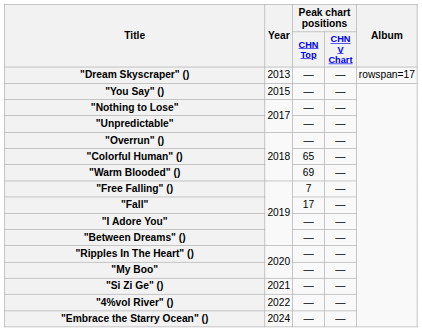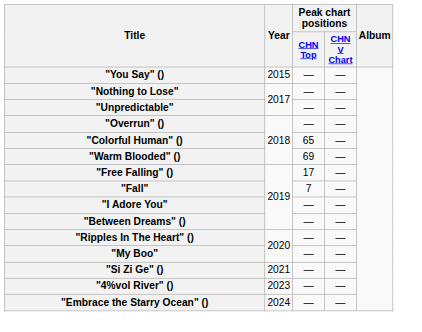 <table class="wikitable plainrowheaders" style="text-align:center;">
 <tr>
 <th rowspan="2" scope="col" style="width:25em;">Title</th>
 <th rowspan="2" scope="col">Year</th>
 <th colspan="2" scope="col">Peak chart positions</th>
 <th rowspan="2" scope="col">Album</th>
 </tr>
 <tr>
 <th scope="col" style="width:3em;font-size:90%;"><a href='#'>CHN Top</a><br></th>
 <th scope="col" style="width:3em;font-size:90%;"><a href='#'>CHN V Chart</a></th>
-</tr>
-<tr>
-<th scope="row">"Dream Skyscraper" ()</th>
-<td>2013</td>
-<td>—</td>
-<td>—</td>
-<td>rowspan=17 </td>
 </tr>
 <tr>
 <th scope="row">"You Say" ()</th>
 <td>2015</td>
 <td>—</td>
 <td>—</td>
 </tr>
 <tr>
 <th scope="row">"Nothing to Lose"</th>
 <td rowspan="2">2017</td>
 <td>—</td>
 <td>—</td>
 </tr>
 <tr>
 <th scope="row">"Unpredictable"</th>
 <td>—</td>
 <td>—</td>
 </tr>
 <tr>
 <th scope="row">"Overrun" ()</th>
 <td rowspan="3">2018</td>
 <td>—</td>
 <td>—</td>
 </tr>
 <tr>
 <th scope="row">"Colorful Human" ()</th>
 <td>65</td>
 <td>—</td>
 </tr>
 <tr>
 <th scope="row">"Warm Blooded" ()</th>
 <td>69</td>
 <td>—</td>
 </tr>
 <tr>
 <th scope="row">"Free Falling" ()</th>
 <td rowspan="4">2019</td>
-<td>7</td>
+<td>17</td>
 <td>—</td>
 </tr>
 <tr>
 <th scope="row">"Fall"</th>
-<td>17</td>
+<td>7</td>
 <td>—</td>
 </tr>
 <tr>
 <th scope="row">"I Adore You"</th>
 <td>—</td>
 <td>—</td>
 </tr>
 <tr>
 <th scope="row">"Between Dreams" ()</th>
 <td>—</td>
 <td>—</td>
 </tr>
 <tr>
 <th scope="row">"Ripples In The Heart" ()</th>
 <td rowspan="2">2020</td>
 <td>—</td>
 <td>—</td>
 </tr>
 <tr>
 <th scope="row">"My Boo"</th>
 <td>—</td>
 <td>—</td>
 </tr>
 <tr>
 <th scope="row">"Si Zi Ge" ()</th>
 <td rowspan="1">2021</td>
 <td>—</td>
 <td>—</td>
 </tr>
 <tr>
 <th scope="row">"4%vol River" ()</th>
-<td>2022</td>
+<td>2023</td>
 <td>—</td>
 <td>—</td>
 </tr>
 <tr>
 <th scope="row">"Embrace the Starry Ocean" ()</th>
 <td>2024</td>
 <td>—</td>
 <td>—</td>
 </tr>
 </table>
